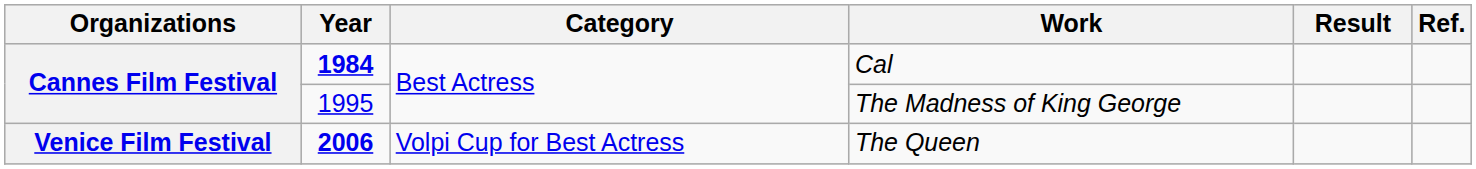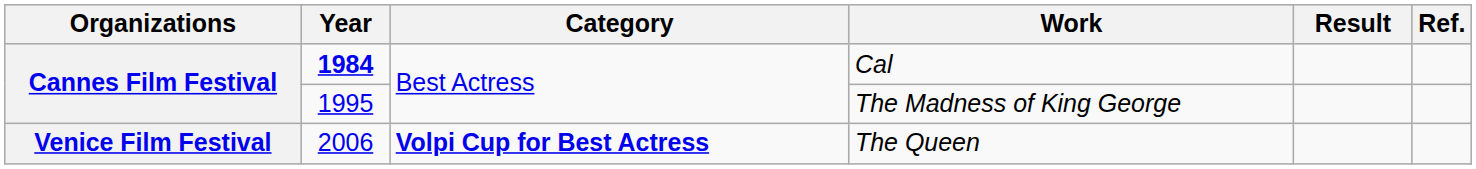 <table class="wikitable sortable plainrowheaders">
 <tr>
 <th scope="col" style="width:20%;">Organizations</th>
 <th scope="col" style="width:6%;">Year</th>
 <th scope="col" style="width:31%;">Category</th>
 <th scope="col" style="width:30%;">Work</th>
 <th scope="col" style="width:8%;">Result</th>
 <th scope="col" style="width:4%;" class="unsortable">Ref.</th>
 </tr>
 <tr>
 <th rowspan="2" scope="row"><a href='#'>Cannes Film Festival</a></th>
 <td style="text-align:center;"><strong><a href='#'>1984</a></strong></td>
 <td rowspan="2"><a href='#'>Best Actress</a></td>
 <td><em>Cal</em></td>
 <td></td>
 <td></td>
 </tr>
 <tr>
 <td style="text-align:center;"><a href='#'>1995</a></td>
 <td><em>The Madness of King George</em></td>
 <td></td>
 <td></td>
 </tr>
 <tr>
 <th rowspan="2" scope="row"><a href='#'>Venice Film Festival</a></th>
-<td style="text-align:center;"><strong><a href='#'>2006</a></strong></td>
-<td><a href='#'>Volpi Cup for Best Actress</a></td>
+<td style="text-align:center;"><a href='#'>2006</a></td>
+<td><strong><a href='#'>Volpi Cup for Best Actress</a></strong></td>
 <td><em>The Queen</em></td>
 <td></td>
 <td></td>
 </tr>
 </table>
